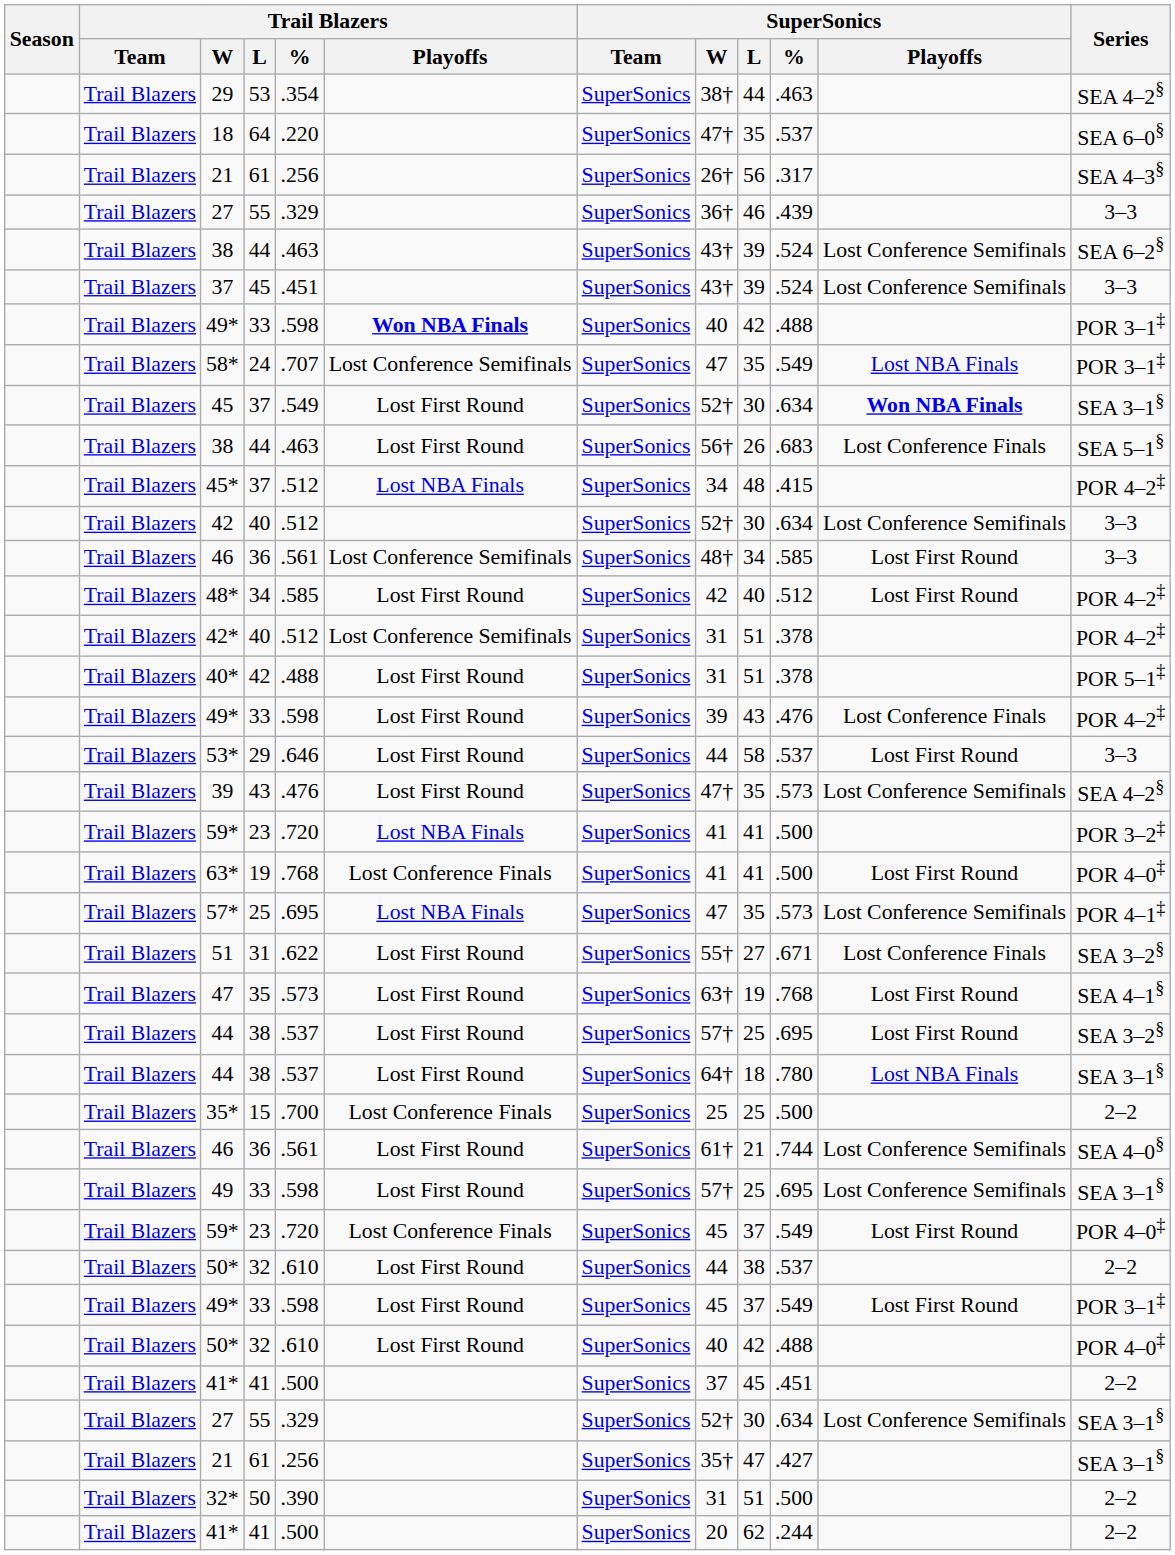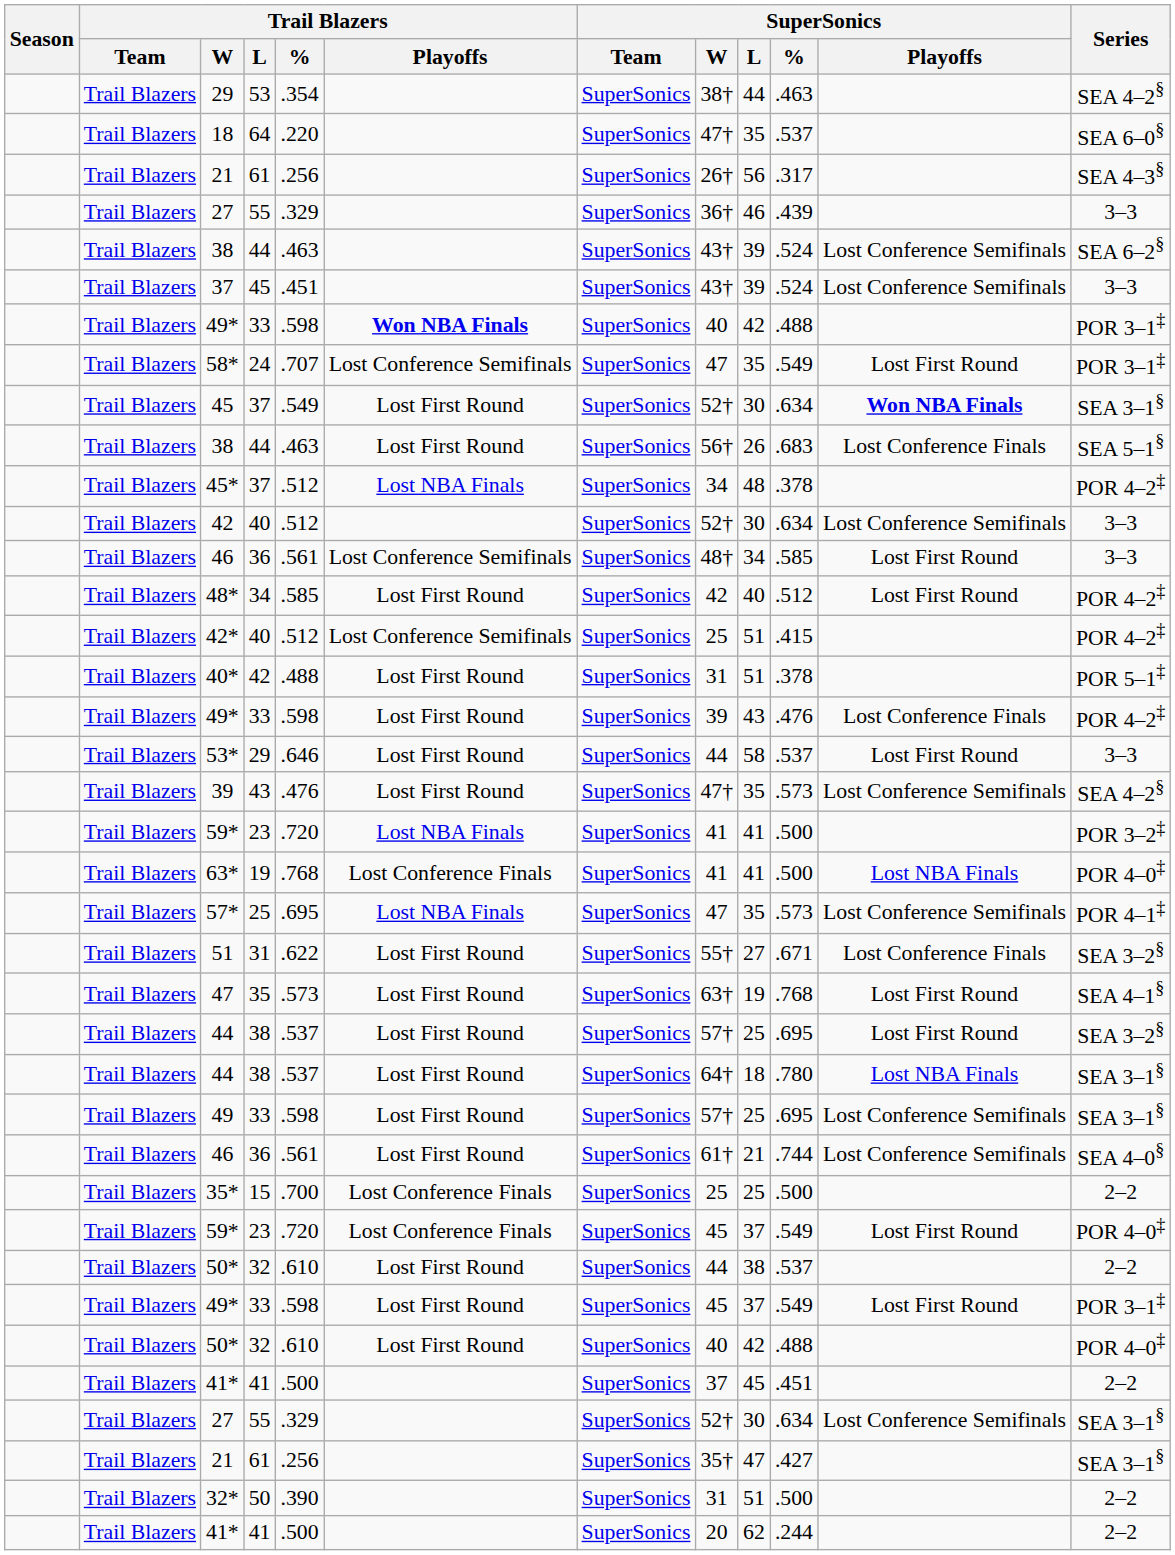 <table class="wikitable sortable" style="text-align:center">
 <tr>
 <th scope="col" rowspan=2>Season</th>
 <th scope="col" class="unsortable" colspan=5>Trail Blazers</th>
 <th scope="col" class="unsortable" colspan=5>SuperSonics</th>
 <th scope="col" rowspan=2>Series</th>
 </tr>
 <tr>
 <th scope="col" class="unsortable">Team</th>
 <th scope="col">W</th>
 <th scope="col">L</th>
 <th scope="col">%</th>
 <th scope="col" class="unsortable">Playoffs</th>
 <th scope="col" class="unsortable">Team</th>
 <th scope="col">W</th>
 <th scope="col">L</th>
 <th scope="col">%</th>
 <th scope="col" class="unsortable">Playoffs</th>
 </tr>
 <tr>
 <td scope="row"></td>
 <td><a href='#'>Trail Blazers</a></td>
 <td>29</td>
 <td>53</td>
 <td>.354</td>
 <td></td>
 <td><a href='#'>SuperSonics</a></td>
 <td>38†</td>
 <td>44</td>
 <td>.463</td>
 <td></td>
 <td>SEA 4–2<sup>§</sup></td>
 </tr>
 <tr>
 <td scope="row"></td>
 <td><a href='#'>Trail Blazers</a></td>
 <td>18</td>
 <td>64</td>
 <td>.220</td>
 <td></td>
 <td><a href='#'>SuperSonics</a></td>
 <td>47†</td>
 <td>35</td>
 <td>.537</td>
 <td></td>
 <td>SEA 6–0<sup>§</sup></td>
 </tr>
 <tr>
 <td scope="row"></td>
 <td><a href='#'>Trail Blazers</a></td>
 <td>21</td>
 <td>61</td>
 <td>.256</td>
 <td></td>
 <td><a href='#'>SuperSonics</a></td>
 <td>26†</td>
 <td>56</td>
 <td>.317</td>
 <td></td>
 <td>SEA 4–3<sup>§</sup></td>
 </tr>
 <tr>
 <td scope="row"></td>
 <td><a href='#'>Trail Blazers</a></td>
 <td>27</td>
 <td>55</td>
 <td>.329</td>
 <td></td>
 <td><a href='#'>SuperSonics</a></td>
 <td>36†</td>
 <td>46</td>
 <td>.439</td>
 <td></td>
 <td>3–3</td>
 </tr>
 <tr>
 <td scope="row"></td>
 <td><a href='#'>Trail Blazers</a></td>
 <td>38</td>
 <td>44</td>
 <td>.463</td>
 <td></td>
 <td><a href='#'>SuperSonics</a></td>
 <td>43†</td>
 <td>39</td>
 <td>.524</td>
 <td>Lost Conference Semifinals</td>
 <td>SEA 6–2<sup>§</sup></td>
 </tr>
 <tr>
 <td scope="row"></td>
 <td><a href='#'>Trail Blazers</a></td>
 <td>37</td>
 <td>45</td>
 <td>.451</td>
 <td></td>
 <td><a href='#'>SuperSonics</a></td>
 <td>43†</td>
 <td>39</td>
 <td>.524</td>
 <td>Lost Conference Semifinals</td>
 <td>3–3</td>
 </tr>
 <tr>
 <td scope="row"></td>
 <td><a href='#'>Trail Blazers</a></td>
 <td>49*</td>
 <td>33</td>
 <td>.598</td>
 <td><strong><a href='#'>Won NBA Finals</a></strong></td>
 <td><a href='#'>SuperSonics</a></td>
 <td>40</td>
 <td>42</td>
 <td>.488</td>
 <td></td>
 <td>POR 3–1<sup>‡</sup></td>
 </tr>
 <tr>
 <td scope="row"></td>
 <td><a href='#'>Trail Blazers</a></td>
 <td>58*</td>
 <td>24</td>
 <td>.707</td>
 <td>Lost Conference Semifinals</td>
 <td><a href='#'>SuperSonics</a></td>
 <td>47</td>
 <td>35</td>
 <td>.549</td>
-<td><a href='#'>Lost NBA Finals</a></td>
+<td>Lost First Round</td>
 <td>POR 3–1<sup>‡</sup></td>
 </tr>
 <tr>
 <td scope="row"></td>
 <td><a href='#'>Trail Blazers</a></td>
 <td>45</td>
 <td>37</td>
 <td>.549</td>
 <td>Lost First Round</td>
 <td><a href='#'>SuperSonics</a></td>
 <td>52†</td>
 <td>30</td>
 <td>.634</td>
 <td><strong><a href='#'>Won NBA Finals</a></strong></td>
 <td>SEA 3–1<sup>§</sup></td>
 </tr>
 <tr>
 <td scope="row"></td>
 <td><a href='#'>Trail Blazers</a></td>
 <td>38</td>
 <td>44</td>
 <td>.463</td>
 <td>Lost First Round</td>
 <td><a href='#'>SuperSonics</a></td>
 <td>56†</td>
 <td>26</td>
 <td>.683</td>
 <td>Lost Conference Finals</td>
 <td>SEA 5–1<sup>§</sup></td>
 </tr>
 <tr>
 <td scope="row"></td>
 <td><a href='#'>Trail Blazers</a></td>
 <td>45*</td>
 <td>37</td>
 <td>.512</td>
 <td><a href='#'>Lost NBA Finals</a></td>
 <td><a href='#'>SuperSonics</a></td>
 <td>34</td>
 <td>48</td>
-<td>.415</td>
+<td>.378</td>
 <td></td>
 <td>POR 4–2<sup>‡</sup></td>
 </tr>
 <tr>
 <td scope="row"></td>
 <td><a href='#'>Trail Blazers</a></td>
 <td>42</td>
 <td>40</td>
 <td>.512</td>
 <td></td>
 <td><a href='#'>SuperSonics</a></td>
 <td>52†</td>
 <td>30</td>
 <td>.634</td>
 <td>Lost Conference Semifinals</td>
 <td>3–3</td>
 </tr>
 <tr>
 <td scope="row"></td>
 <td><a href='#'>Trail Blazers</a></td>
 <td>46</td>
 <td>36</td>
 <td>.561</td>
 <td>Lost Conference Semifinals</td>
 <td><a href='#'>SuperSonics</a></td>
 <td>48†</td>
 <td>34</td>
 <td>.585</td>
 <td>Lost First Round</td>
 <td>3–3</td>
 </tr>
 <tr>
 <td scope="row"></td>
 <td><a href='#'>Trail Blazers</a></td>
 <td>48*</td>
 <td>34</td>
 <td>.585</td>
 <td>Lost First Round</td>
 <td><a href='#'>SuperSonics</a></td>
 <td>42</td>
 <td>40</td>
 <td>.512</td>
 <td>Lost First Round</td>
 <td>POR 4–2<sup>‡</sup></td>
 </tr>
 <tr>
 <td scope="row"></td>
 <td><a href='#'>Trail Blazers</a></td>
 <td>42*</td>
 <td>40</td>
 <td>.512</td>
 <td>Lost Conference Semifinals</td>
 <td><a href='#'>SuperSonics</a></td>
-<td>31</td>
+<td>25</td>
 <td>51</td>
-<td>.378</td>
+<td>.415</td>
 <td></td>
 <td>POR 4–2<sup>‡</sup></td>
 </tr>
 <tr>
 <td scope="row"></td>
 <td><a href='#'>Trail Blazers</a></td>
 <td>40*</td>
 <td>42</td>
 <td>.488</td>
 <td>Lost First Round</td>
 <td><a href='#'>SuperSonics</a></td>
 <td>31</td>
 <td>51</td>
 <td>.378</td>
 <td></td>
 <td>POR 5–1<sup>‡</sup></td>
 </tr>
 <tr>
 <td scope="row"></td>
 <td><a href='#'>Trail Blazers</a></td>
 <td>49*</td>
 <td>33</td>
 <td>.598</td>
 <td>Lost First Round</td>
 <td><a href='#'>SuperSonics</a></td>
 <td>39</td>
 <td>43</td>
 <td>.476</td>
 <td>Lost Conference Finals</td>
 <td>POR 4–2<sup>‡</sup></td>
 </tr>
 <tr>
 <td scope="row"></td>
 <td><a href='#'>Trail Blazers</a></td>
 <td>53*</td>
 <td>29</td>
 <td>.646</td>
 <td>Lost First Round</td>
 <td><a href='#'>SuperSonics</a></td>
 <td>44</td>
 <td>58</td>
 <td>.537</td>
 <td>Lost First Round</td>
 <td>3–3</td>
 </tr>
 <tr>
 <td scope="row"></td>
 <td><a href='#'>Trail Blazers</a></td>
 <td>39</td>
 <td>43</td>
 <td>.476</td>
 <td>Lost First Round</td>
 <td><a href='#'>SuperSonics</a></td>
 <td>47†</td>
 <td>35</td>
 <td>.573</td>
 <td>Lost Conference Semifinals</td>
 <td>SEA 4–2<sup>§</sup></td>
 </tr>
 <tr>
 <td scope="row"></td>
 <td><a href='#'>Trail Blazers</a></td>
 <td>59*</td>
 <td>23</td>
 <td>.720</td>
 <td><a href='#'>Lost NBA Finals</a></td>
 <td><a href='#'>SuperSonics</a></td>
 <td>41</td>
 <td>41</td>
 <td>.500</td>
 <td></td>
 <td>POR 3–2<sup>‡</sup></td>
 </tr>
 <tr>
 <td scope="row"></td>
 <td><a href='#'>Trail Blazers</a></td>
 <td>63*</td>
 <td>19</td>
 <td>.768</td>
 <td>Lost Conference Finals</td>
 <td><a href='#'>SuperSonics</a></td>
 <td>41</td>
 <td>41</td>
 <td>.500</td>
-<td>Lost First Round</td>
+<td><a href='#'>Lost NBA Finals</a></td>
 <td>POR 4–0<sup>‡</sup></td>
 </tr>
 <tr>
 <td scope="row"></td>
 <td><a href='#'>Trail Blazers</a></td>
 <td>57*</td>
 <td>25</td>
 <td>.695</td>
 <td><a href='#'>Lost NBA Finals</a></td>
 <td><a href='#'>SuperSonics</a></td>
 <td>47</td>
 <td>35</td>
 <td>.573</td>
 <td>Lost Conference Semifinals</td>
 <td>POR 4–1<sup>‡</sup></td>
 </tr>
 <tr>
 <td scope="row"></td>
 <td><a href='#'>Trail Blazers</a></td>
 <td>51</td>
 <td>31</td>
 <td>.622</td>
 <td>Lost First Round</td>
 <td><a href='#'>SuperSonics</a></td>
 <td>55†</td>
 <td>27</td>
 <td>.671</td>
 <td>Lost Conference Finals</td>
 <td>SEA 3–2<sup>§</sup></td>
 </tr>
 <tr>
 <td scope="row"></td>
 <td><a href='#'>Trail Blazers</a></td>
 <td>47</td>
 <td>35</td>
 <td>.573</td>
 <td>Lost First Round</td>
 <td><a href='#'>SuperSonics</a></td>
 <td>63†</td>
 <td>19</td>
 <td>.768</td>
 <td>Lost First Round</td>
 <td>SEA 4–1<sup>§</sup></td>
 </tr>
 <tr>
 <td scope="row"></td>
 <td><a href='#'>Trail Blazers</a></td>
 <td>44</td>
 <td>38</td>
 <td>.537</td>
 <td>Lost First Round</td>
 <td><a href='#'>SuperSonics</a></td>
 <td>57†</td>
 <td>25</td>
 <td>.695</td>
 <td>Lost First Round</td>
 <td>SEA 3–2<sup>§</sup></td>
 </tr>
 <tr>
 <td scope="row"></td>
 <td><a href='#'>Trail Blazers</a></td>
 <td>44</td>
 <td>38</td>
 <td>.537</td>
 <td>Lost First Round</td>
 <td><a href='#'>SuperSonics</a></td>
 <td>64†</td>
 <td>18</td>
 <td>.780</td>
 <td><a href='#'>Lost NBA Finals</a></td>
 <td>SEA 3–1<sup>§</sup></td>
 </tr>
 <tr>
 <td scope="row"></td>
 <td><a href='#'>Trail Blazers</a></td>
-<td>35*</td>
-<td>15</td>
-<td>.700</td>
-<td>Lost Conference Finals</td>
+<td>49</td>
+<td>33</td>
+<td>.598</td>
+<td>Lost First Round</td>
 <td><a href='#'>SuperSonics</a></td>
+<td>57†</td>
 <td>25</td>
-<td>25</td>
-<td>.500</td>
-<td></td>
-<td>2–2</td>
+<td>.695</td>
+<td>Lost Conference Semifinals</td>
+<td>SEA 3–1<sup>§</sup></td>
 </tr>
 <tr>
 <td scope="row"></td>
 <td><a href='#'>Trail Blazers</a></td>
 <td>46</td>
 <td>36</td>
 <td>.561</td>
 <td>Lost First Round</td>
 <td><a href='#'>SuperSonics</a></td>
 <td>61†</td>
 <td>21</td>
 <td>.744</td>
 <td>Lost Conference Semifinals</td>
 <td>SEA 4–0<sup>§</sup></td>
 </tr>
 <tr>
 <td scope="row"></td>
 <td><a href='#'>Trail Blazers</a></td>
-<td>49</td>
-<td>33</td>
-<td>.598</td>
-<td>Lost First Round</td>
+<td>35*</td>
+<td>15</td>
+<td>.700</td>
+<td>Lost Conference Finals</td>
 <td><a href='#'>SuperSonics</a></td>
-<td>57†</td>
 <td>25</td>
-<td>.695</td>
-<td>Lost Conference Semifinals</td>
-<td>SEA 3–1<sup>§</sup></td>
+<td>25</td>
+<td>.500</td>
+<td></td>
+<td>2–2</td>
 </tr>
 <tr>
 <td scope="row"></td>
 <td><a href='#'>Trail Blazers</a></td>
 <td>59*</td>
 <td>23</td>
 <td>.720</td>
 <td>Lost Conference Finals</td>
 <td><a href='#'>SuperSonics</a></td>
 <td>45</td>
 <td>37</td>
 <td>.549</td>
 <td>Lost First Round</td>
 <td>POR 4–0<sup>‡</sup></td>
 </tr>
 <tr>
 <td scope="row"></td>
 <td><a href='#'>Trail Blazers</a></td>
 <td>50*</td>
 <td>32</td>
 <td>.610</td>
 <td>Lost First Round</td>
 <td><a href='#'>SuperSonics</a></td>
 <td>44</td>
 <td>38</td>
 <td>.537</td>
 <td></td>
 <td>2–2</td>
 </tr>
 <tr>
 <td scope="row"></td>
 <td><a href='#'>Trail Blazers</a></td>
 <td>49*</td>
 <td>33</td>
 <td>.598</td>
 <td>Lost First Round</td>
 <td><a href='#'>SuperSonics</a></td>
 <td>45</td>
 <td>37</td>
 <td>.549</td>
 <td>Lost First Round</td>
 <td>POR 3–1<sup>‡</sup></td>
 </tr>
 <tr>
 <td scope="row"></td>
 <td><a href='#'>Trail Blazers</a></td>
 <td>50*</td>
 <td>32</td>
 <td>.610</td>
 <td>Lost First Round</td>
 <td><a href='#'>SuperSonics</a></td>
 <td>40</td>
 <td>42</td>
 <td>.488</td>
 <td></td>
 <td>POR 4–0<sup>‡</sup></td>
 </tr>
 <tr>
 <td scope="row"></td>
 <td><a href='#'>Trail Blazers</a></td>
 <td>41*</td>
 <td>41</td>
 <td>.500</td>
 <td></td>
 <td><a href='#'>SuperSonics</a></td>
 <td>37</td>
 <td>45</td>
 <td>.451</td>
 <td></td>
 <td>2–2</td>
 </tr>
 <tr>
 <td scope="row"></td>
 <td><a href='#'>Trail Blazers</a></td>
 <td>27</td>
 <td>55</td>
 <td>.329</td>
 <td></td>
 <td><a href='#'>SuperSonics</a></td>
 <td>52†</td>
 <td>30</td>
 <td>.634</td>
 <td>Lost Conference Semifinals</td>
 <td>SEA 3–1<sup>§</sup></td>
 </tr>
 <tr>
 <td scope="row"></td>
 <td><a href='#'>Trail Blazers</a></td>
 <td>21</td>
 <td>61</td>
 <td>.256</td>
 <td></td>
 <td><a href='#'>SuperSonics</a></td>
 <td>35†</td>
 <td>47</td>
 <td>.427</td>
 <td></td>
 <td>SEA 3–1<sup>§</sup></td>
 </tr>
 <tr>
 <td scope="row"></td>
 <td><a href='#'>Trail Blazers</a></td>
 <td>32*</td>
 <td>50</td>
 <td>.390</td>
 <td></td>
 <td><a href='#'>SuperSonics</a></td>
 <td>31</td>
 <td>51</td>
 <td>.500</td>
 <td></td>
 <td>2–2</td>
 </tr>
 <tr>
 <td scope="row"></td>
 <td><a href='#'>Trail Blazers</a></td>
 <td>41*</td>
 <td>41</td>
 <td>.500</td>
 <td></td>
 <td><a href='#'>SuperSonics</a></td>
 <td>20</td>
 <td>62</td>
 <td>.244</td>
 <td></td>
 <td>2–2</td>
 </tr>
 </table>
